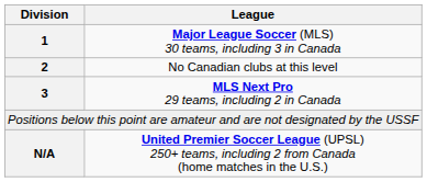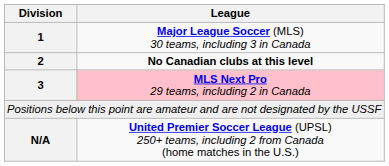 <table class="wikitable" style="text-align: center; font-size: 90%;">
 <tr>
 <th>Division</th>
 <th>League</th>
 </tr>
 <tr>
 <th>1</th>
 <td><strong><a href='#'>Major League Soccer</a></strong> (MLS)<br><em>30 teams, including 3 in Canada</em><br></td>
 </tr>
 <tr>
 <th>2</th>
-<td>No Canadian clubs at this level</td>
+<td><strong>No Canadian clubs at this level</strong></td>
 </tr>
 <tr>
 <th>3</th>
-<td><strong><a href='#'>MLS Next Pro</a></strong><br><em>29 teams, including 2 in Canada</em><br></td>
+<td style="background: pink;"><strong><a href='#'>MLS Next Pro</a></strong><br><em>29 teams, including 2 in Canada</em><br></td>
 </tr>
 <tr style="background:#efefef;">
 <td colspan="2"><em>Positions below this point are amateur and are not designated by the USSF</em></td>
 </tr>
 <tr>
 <th rowspan="2">N/A<br></th>
 <td><strong><a href='#'>United Premier Soccer League</a></strong> (UPSL)<br><em>250+ teams, including 2 from Canada</em><br> (home matches in the U.S.)</td>
 </tr>
 </table>
